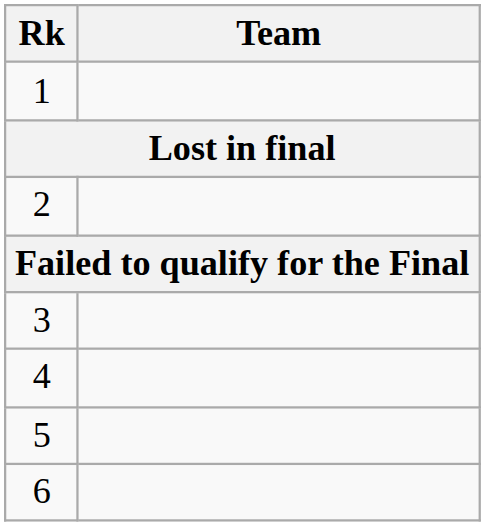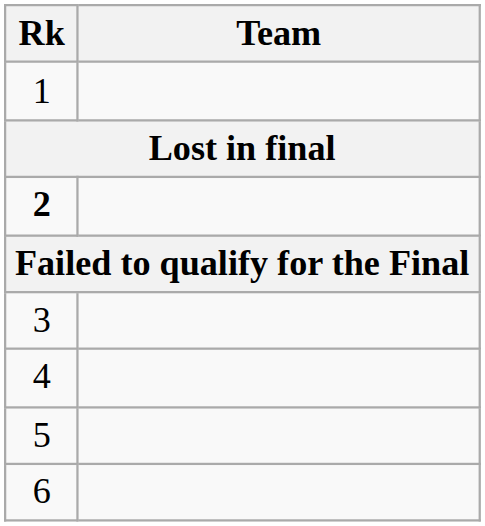 <table class=wikitable style=text-align:center>
 <tr>
 <th width=25>Rk</th>
 <th width=170>Team</th>
 </tr>
 <tr>
 <td>1</td>
 <td align=left></td>
 </tr>
 <tr>
 <th colspan="6">Lost in final</th>
 </tr>
 <tr>
-<td>2</td>
+<td><strong>2</strong></td>
 <td align=left></td>
 </tr>
 <tr>
 <th colspan="6">Failed to qualify for the Final</th>
 </tr>
 <tr>
 <td>3</td>
 <td align=left></td>
 </tr>
 <tr>
 <td>4</td>
 <td align=left></td>
 </tr>
 <tr>
 <td>5</td>
 <td align=left></td>
 </tr>
 <tr>
 <td>6</td>
 <td align=left></td>
 </tr>
 </table>
